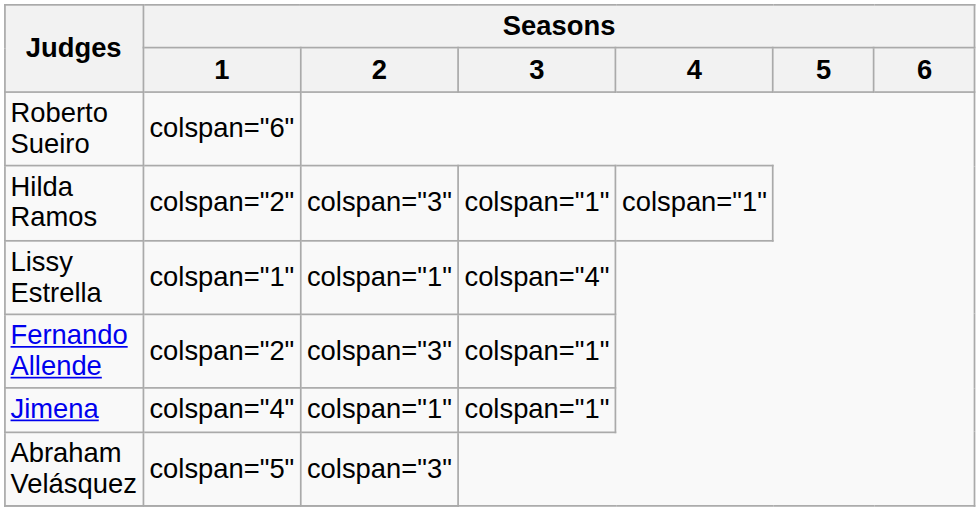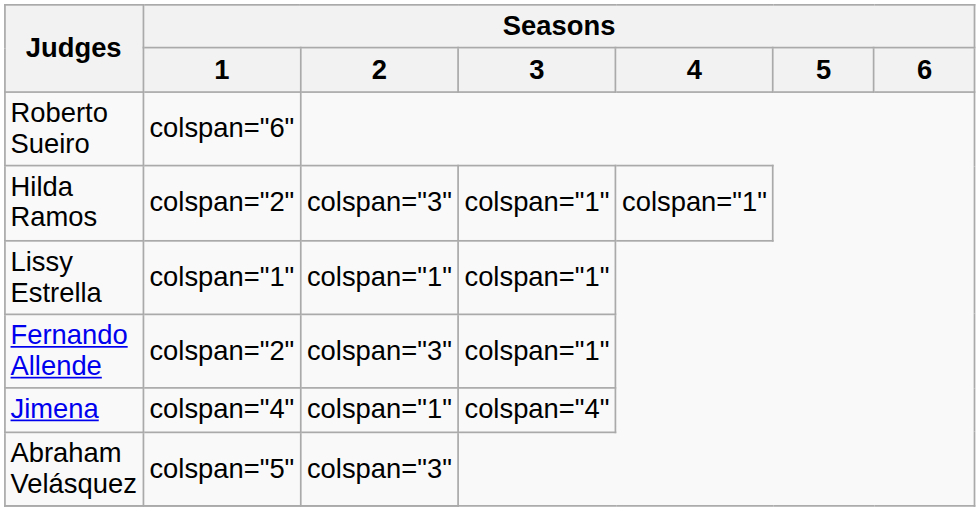 <table class="wikitable"  style="margin:1em auto;width:45%;">
 <tr>
 <th rowspan="2">Judges</th>
 <th colspan=13 style=text-align:center;>Seasons</th>
 </tr>
 <tr>
 <th ! width="65">1</th>
 <th width="65">2</th>
 <th width="65">3</th>
 <th width="65">4</th>
 <th width="65">5</th>
 <th width="65">6</th>
 </tr>
 <tr>
 <td>Roberto Sueiro</td>
 <td>colspan="6" </td>
 </tr>
 <tr>
 <td>Hilda Ramos</td>
 <td>colspan="2" </td>
 <td>colspan="3" </td>
 <td>colspan="1" </td>
 <td>colspan="1" </td>
 </tr>
 <tr>
 <td>Lissy Estrella</td>
 <td>colspan="1" </td>
 <td>colspan="1" </td>
-<td>colspan="4" </td>
+<td>colspan="1" </td>
 </tr>
 <tr>
 <td><a href='#'>Fernando Allende</a></td>
 <td>colspan="2" </td>
 <td>colspan="3" </td>
 <td>colspan="1" </td>
 </tr>
 <tr>
 <td><a href='#'>Jimena</a></td>
 <td>colspan="4" </td>
 <td>colspan="1" </td>
-<td>colspan="1" </td>
+<td>colspan="4" </td>
 </tr>
 <tr>
 <td>Abraham Velásquez</td>
 <td>colspan="5" </td>
 <td>colspan="3" </td>
 </tr>
 <tr>
 </tr>
 </table>
